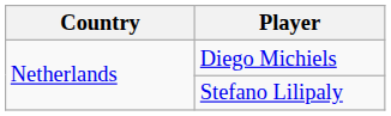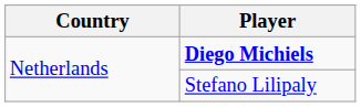 <table class="wikitable">
 <tr>
 <th style="width:130px;">Country</th>
 <th style="width:130px;">Player</th>
 </tr>
 <tr>
 <td rowspan="2"> <a href='#'>Netherlands</a></td>
-<td><a href='#'>Diego Michiels</a></td>
+<td><strong><a href='#'>Diego Michiels</a></strong></td>
 </tr>
 <tr>
 <td><a href='#'>Stefano Lilipaly</a></td>
 </tr>
 </table>
